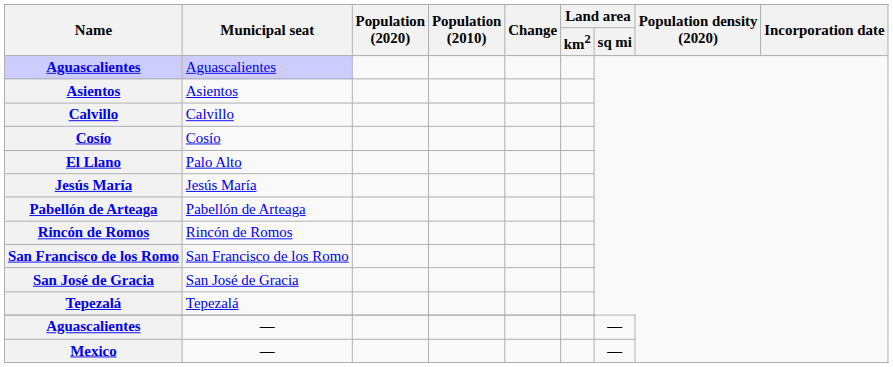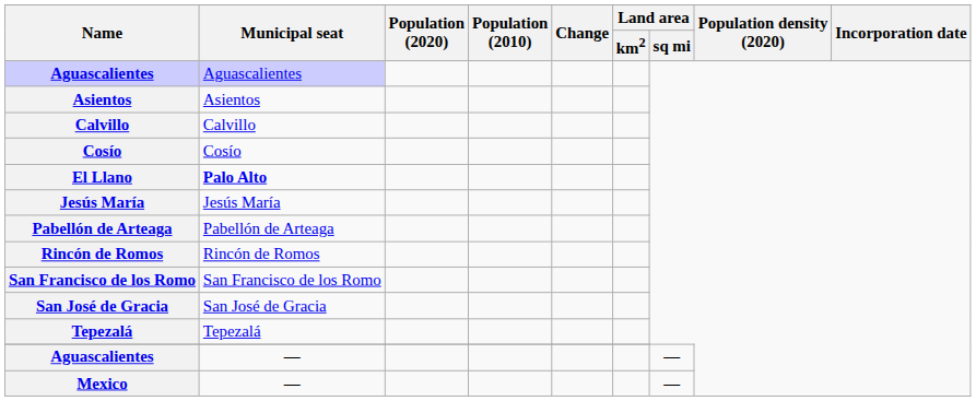 <table class="wikitable sortable" style="text-align:right;">
 <tr>
 </tr>
 <tr>
 <th scope="col"  rowspan=2>Name</th>
 <th scope="col"  rowspan=2>Municipal seat</th>
 <th scope="col"  rowspan=2>Population<br>(2020)</th>
 <th scope="col"  rowspan=2>Population<br>(2010)</th>
 <th scope="col"  rowspan=2>Change</th>
 <th scope="col" data-sort-type="number"  colspan=2>Land area</th>
 <th scope="col" data-sort-type="number"  rowspan=2>Population density<br>(2020)</th>
 <th scope="col"  rowspan=2>Incorporation date</th>
 </tr>
 <tr>
 <th scope="col">km<sup>2</sup></th>
 <th scope="col">sq mi</th>
 </tr>
 <tr>
 <th scope="row" align="left" style="background:#CCF;"><a href='#'>Aguascalientes</a></th>
 <td align=left style="background:#CCF;"><a href='#'>Aguascalientes</a></td>
 <td></td>
 <td></td>
 <td></td>
 <td></td>
 </tr>
 <tr>
 <th scope="row" align="left"><a href='#'>Asientos</a></th>
 <td align=left><a href='#'>Asientos</a></td>
 <td></td>
 <td></td>
 <td></td>
 <td></td>
 </tr>
 <tr>
 <th scope="row" align="left"><a href='#'>Calvillo</a></th>
 <td align=left><a href='#'>Calvillo</a></td>
 <td></td>
 <td></td>
 <td></td>
 <td></td>
 </tr>
 <tr>
 <th scope="row" align="left"><a href='#'>Cosío</a></th>
 <td align=left><a href='#'>Cosío</a></td>
 <td></td>
 <td></td>
 <td></td>
 <td></td>
 </tr>
 <tr>
 <th scope="row" align="left"><a href='#'>El Llano</a></th>
-<td align=left><a href='#'>Palo Alto</a></td>
+<td align=left><strong><a href='#'>Palo Alto</a></strong></td>
 <td></td>
 <td></td>
 <td></td>
 <td></td>
 </tr>
 <tr>
 <th scope="row" align="left"><a href='#'>Jesús María</a></th>
 <td align=left><a href='#'>Jesús María</a></td>
 <td></td>
 <td></td>
 <td></td>
 <td></td>
 </tr>
 <tr>
 <th scope="row" align="left"><a href='#'>Pabellón de Arteaga</a></th>
 <td align=left><a href='#'>Pabellón de Arteaga</a></td>
 <td></td>
 <td></td>
 <td></td>
 <td></td>
 </tr>
 <tr>
 <th scope="row" align="left"><a href='#'>Rincón de Romos</a></th>
 <td align=left><a href='#'>Rincón de Romos</a></td>
 <td></td>
 <td></td>
 <td></td>
 <td></td>
 </tr>
 <tr>
 <th scope="row" align="left"><a href='#'>San Francisco de los Romo</a></th>
 <td align=left><a href='#'>San Francisco de los Romo</a></td>
 <td></td>
 <td></td>
 <td></td>
 <td></td>
 </tr>
 <tr>
 <th scope="row" align="left"><a href='#'>San José de Gracia</a></th>
 <td align=left><a href='#'>San José de Gracia</a></td>
 <td></td>
 <td></td>
 <td></td>
 <td></td>
 </tr>
 <tr>
 <th scope="row" align="left"><a href='#'>Tepezalá</a></th>
 <td align=left><a href='#'>Tepezalá</a></td>
 <td></td>
 <td></td>
 <td></td>
 <td></td>
 </tr>
 <tr>
 </tr>
 <tr class="sortbottom" style="text-align:center;" style="background: #f2f2f2;">
 <th scope="row" align="left"><strong><a href='#'>Aguascalientes</a></strong></th>
 <td><strong>—</strong></td>
 <td></td>
 <td><strong></strong></td>
 <td><strong></strong></td>
 <td align="right"><strong></strong></td>
 <td><strong>—</strong></td>
 </tr>
 <tr class="sortbottom" style="text-align:center;" style="background: #f2f2f2;">
 <th scope="row" align="left"><strong><a href='#'>Mexico</a></strong></th>
 <td><strong>—</strong></td>
 <td></td>
 <td><strong></strong></td>
 <td><strong></strong></td>
 <td align="right"><strong></strong></td>
 <td><strong>—</strong></td>
 </tr>
 </table>
